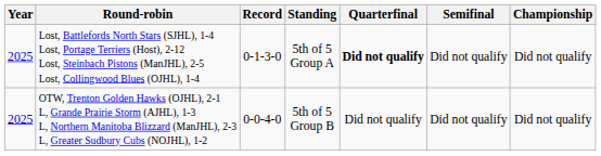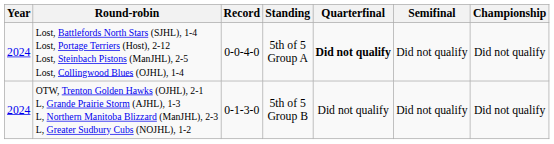 <table class="wikitable" style="text-align:center;">
 <tr>
 <th>Year</th>
 <th>Round-robin</th>
 <th>Record</th>
 <th>Standing</th>
 <th>Quarterfinal</th>
 <th>Semifinal</th>
 <th>Championship</th>
 </tr>
 <tr>
-<td><a href='#'>2025</a></td>
+<td><a href='#'>2024</a></td>
 <td align=left><small>Lost, <a href='#'>Battlefords North Stars</a> (SJHL), 1-4<br>Lost, <a href='#'>Portage Terriers</a> (Host), 2-12<br>Lost, <a href='#'>Steinbach Pistons</a> (ManJHL), 2-5<br>Lost, <a href='#'>Collingwood Blues</a> (OJHL), 1-4</small></td>
-<td>0-1-3-0</td>
+<td>0-0-4-0</td>
 <td>5th of 5 <br>Group A</td>
 <td><strong>Did not qualify</strong></td>
 <td>Did not qualify</td>
 <td>Did not qualify</td>
 </tr>
 <tr>
-<td><a href='#'>2025</a></td>
+<td><a href='#'>2024</a></td>
 <td align=left><small>OTW, <a href='#'>Trenton Golden Hawks</a> (OJHL), 2-1<br>L, <a href='#'>Grande Prairie Storm</a> (AJHL), 1-3<br>L, <a href='#'>Northern Manitoba Blizzard</a> (ManJHL), 2-3<br>L, <a href='#'>Greater Sudbury Cubs</a> (NOJHL), 1-2</small></td>
-<td>0-0-4-0</td>
+<td>0-1-3-0</td>
 <td>5th of 5 <br>Group B</td>
 <td>Did not qualify</td>
 <td>Did not qualify</td>
 <td>Did not qualify</td>
 </tr>
 </table>
